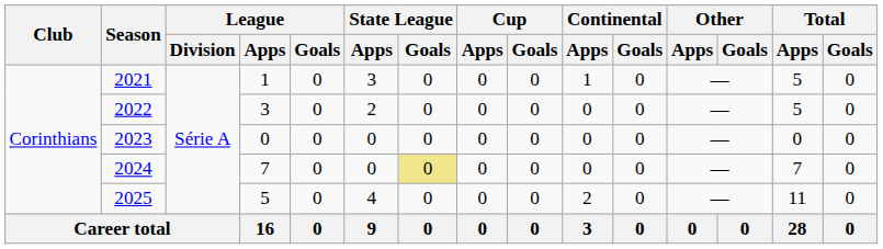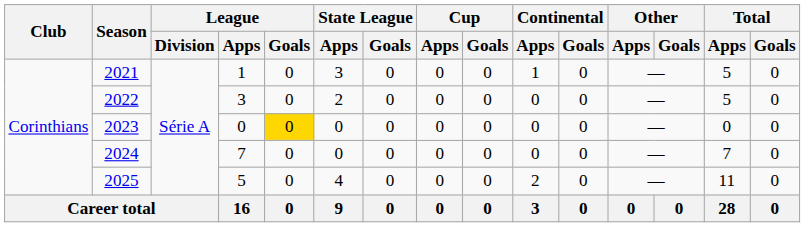 <table class="wikitable" style="text-align:center">
 <tr>
 <th rowspan="2">Club</th>
 <th rowspan="2">Season</th>
 <th colspan="3">League</th>
 <th colspan="2">State League</th>
 <th colspan="2">Cup</th>
 <th colspan="2">Continental</th>
 <th colspan="2">Other</th>
 <th colspan="2">Total</th>
 </tr>
 <tr>
 <th>Division</th>
 <th>Apps</th>
 <th>Goals</th>
 <th>Apps</th>
 <th>Goals</th>
 <th>Apps</th>
 <th>Goals</th>
 <th>Apps</th>
 <th>Goals</th>
 <th>Apps</th>
 <th>Goals</th>
 <th>Apps</th>
 <th>Goals</th>
 </tr>
 <tr>
 <td rowspan="5"><a href='#'>Corinthians</a></td>
 <td><a href='#'>2021</a></td>
 <td rowspan="5"><a href='#'>Série A</a></td>
 <td>1</td>
 <td>0</td>
 <td>3</td>
 <td>0</td>
 <td>0</td>
 <td>0</td>
 <td>1</td>
 <td>0</td>
 <td colspan="2">—</td>
 <td>5</td>
 <td>0</td>
 </tr>
 <tr>
 <td><a href='#'>2022</a></td>
 <td>3</td>
 <td>0</td>
 <td>2</td>
 <td>0</td>
 <td>0</td>
 <td>0</td>
 <td>0</td>
 <td>0</td>
 <td colspan="2">—</td>
 <td>5</td>
 <td>0</td>
 </tr>
 <tr>
 <td><a href='#'>2023</a></td>
 <td>0</td>
-<td>0</td>
+<td style="background: gold;">0</td>
 <td>0</td>
 <td>0</td>
 <td>0</td>
 <td>0</td>
 <td>0</td>
 <td>0</td>
 <td colspan="2">—</td>
 <td>0</td>
 <td>0</td>
 </tr>
 <tr>
 <td><a href='#'>2024</a></td>
 <td>7</td>
 <td>0</td>
 <td>0</td>
-<td style="background: khaki;">0</td>
+<td>0</td>
 <td>0</td>
 <td>0</td>
 <td>0</td>
 <td>0</td>
 <td colspan="2">—</td>
 <td>7</td>
 <td>0</td>
 </tr>
 <tr>
 <td><a href='#'>2025</a></td>
 <td>5</td>
 <td>0</td>
 <td>4</td>
 <td>0</td>
 <td>0</td>
 <td>0</td>
 <td>2</td>
 <td>0</td>
 <td colspan="2">—</td>
 <td>11</td>
 <td>0</td>
 </tr>
 <tr>
 <th colspan="3">Career total</th>
 <th>16</th>
 <th>0</th>
 <th>9</th>
 <th>0</th>
 <th>0</th>
 <th>0</th>
 <th>3</th>
 <th>0</th>
 <th>0</th>
 <th>0</th>
 <th>28</th>
 <th>0</th>
 </tr>
 </table>
